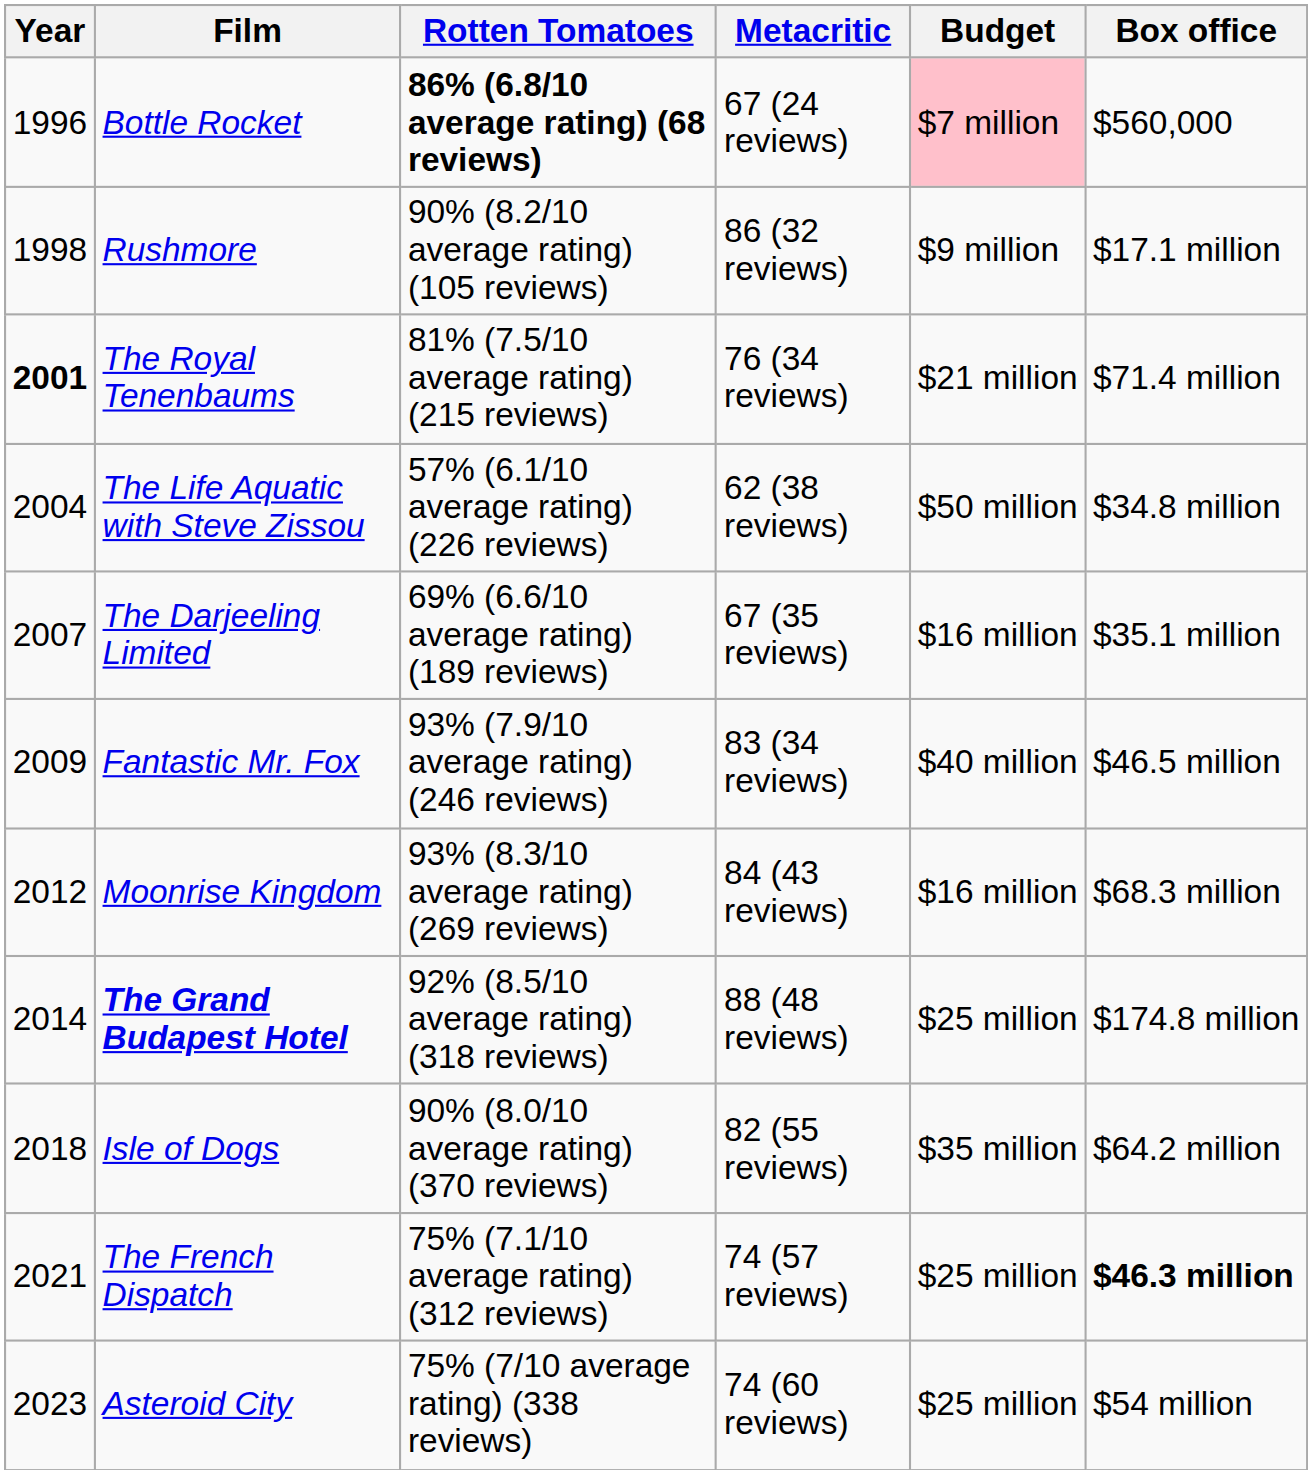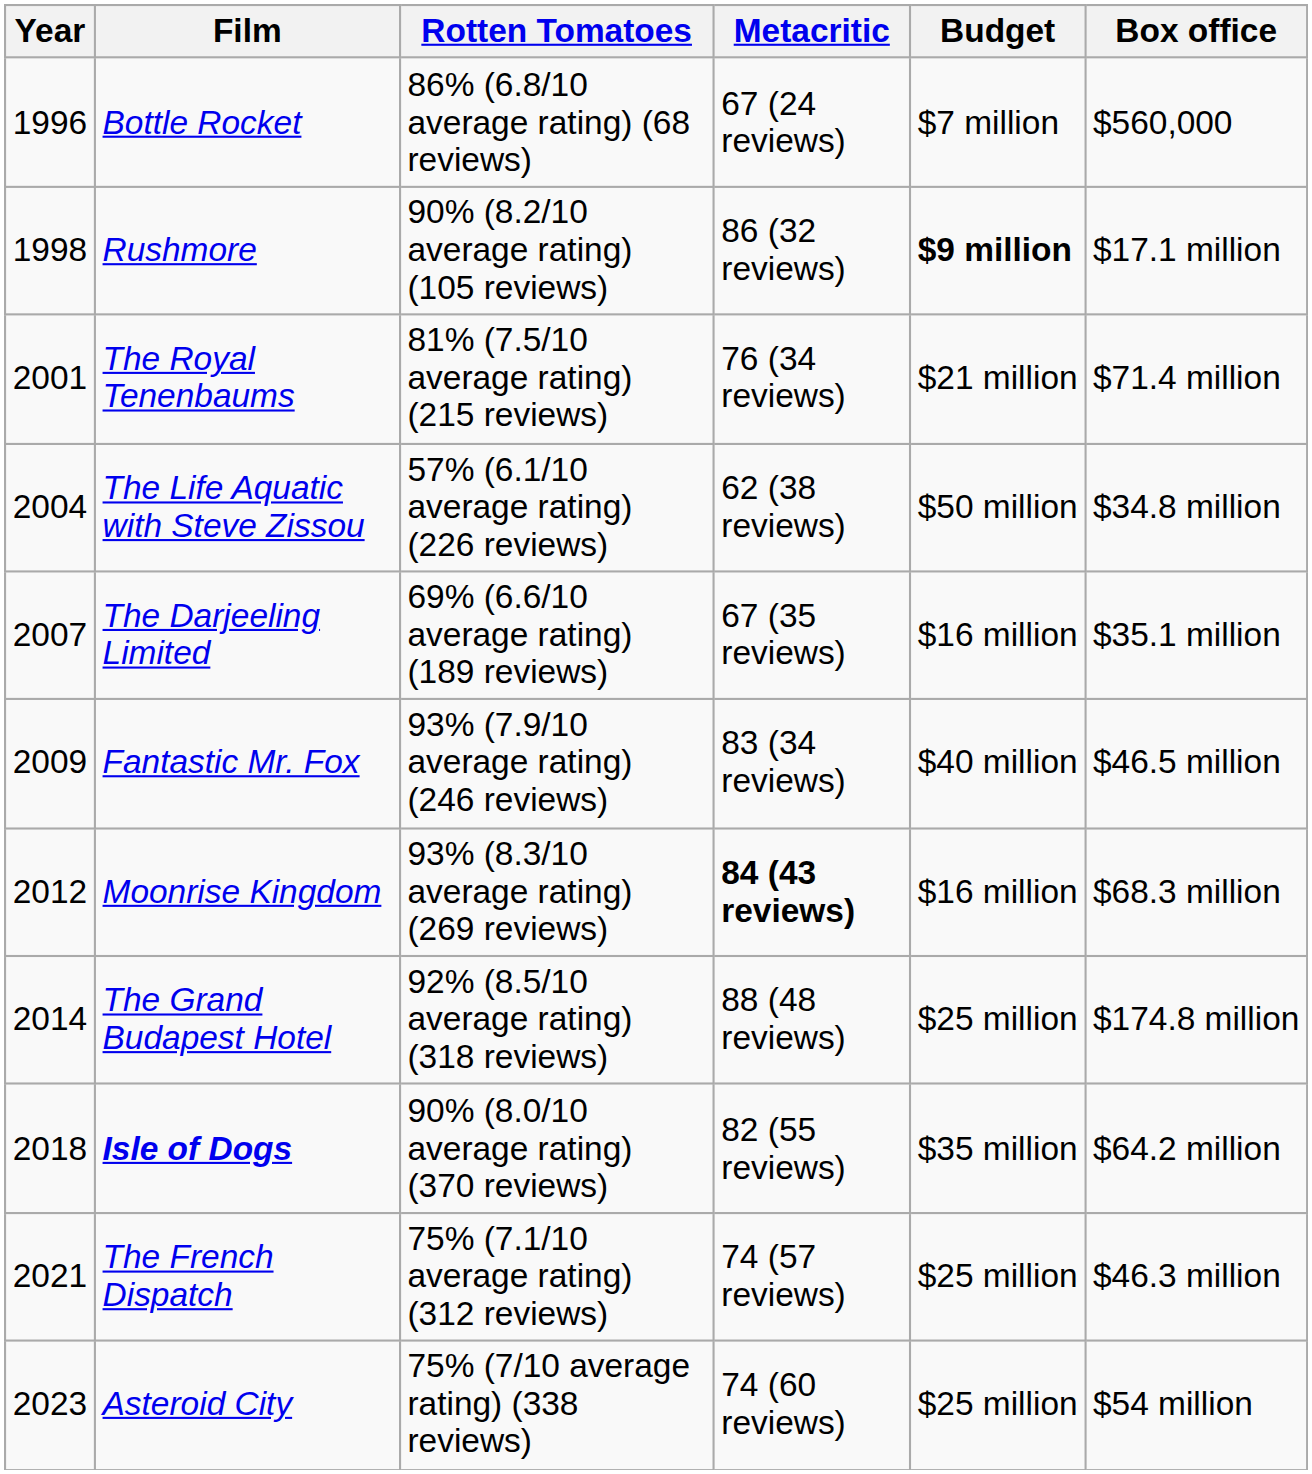 <table class="sortable wikitable" style="width:100%;">
 <tr>
 <th>Year</th>
 <th>Film</th>
 <th><a href='#'>Rotten Tomatoes</a></th>
 <th><a href='#'>Metacritic</a></th>
 <th>Budget</th>
 <th>Box office</th>
 </tr>
 <tr>
 <td>1996</td>
 <td><em><a href='#'>Bottle Rocket</a></em></td>
-<td><strong>86% (6.8/10 average rating) (68 reviews)</strong></td>
+<td>86% (6.8/10 average rating) (68 reviews)</td>
 <td>67 (24 reviews)</td>
-<td data-sort-value="7000000" style="background: pink;">$7 million</td>
+<td data-sort-value="7000000">$7 million</td>
 <td data-sort-value="560069">$560,000</td>
 </tr>
 <tr>
 <td>1998</td>
 <td><em><a href='#'>Rushmore</a></em></td>
 <td>90% (8.2/10 average rating) (105 reviews)</td>
 <td>86 (32 reviews)</td>
-<td data-sort-value="9000000">$9 million</td>
+<td data-sort-value="9000000"><strong>$9 million</strong></td>
 <td data-sort-value="17105219">$17.1 million</td>
 </tr>
 <tr>
-<td><strong>2001</strong></td>
+<td>2001</td>
 <td><em><a href='#'>The Royal Tenenbaums</a></em></td>
 <td>81% (7.5/10 average rating) (215 reviews)</td>
 <td>76 (34 reviews)</td>
 <td data-sort-value="21000000">$21 million</td>
 <td data-sort-value="52364010">$71.4 million</td>
 </tr>
 <tr>
 <td>2004</td>
 <td><em><a href='#'>The Life Aquatic with Steve Zissou</a></em></td>
 <td>57% (6.1/10 average rating) (226 reviews)</td>
 <td>62 (38 reviews)</td>
 <td data-sort-value="50000000">$50 million</td>
 <td data-sort-value="24020403">$34.8 million</td>
 </tr>
 <tr>
 <td>2007</td>
 <td><em><a href='#'>The Darjeeling Limited</a></em></td>
 <td>69% (6.6/10 average rating) (189 reviews)</td>
 <td>67 (35 reviews)</td>
 <td data-sort-value="16000000">$16 million</td>
 <td data-sort-value="35078918">$35.1 million</td>
 </tr>
 <tr>
 <td>2009</td>
 <td><em><a href='#'>Fantastic Mr. Fox</a></em></td>
 <td>93% (7.9/10 average rating) (246 reviews)</td>
 <td>83 (34 reviews)</td>
 <td data-sort-value="40000000">$40 million</td>
 <td data-sort-value="46471023">$46.5 million</td>
 </tr>
 <tr>
 <td>2012</td>
 <td><em><a href='#'>Moonrise Kingdom</a></em></td>
 <td>93% (8.3/10 average rating) (269 reviews)</td>
-<td>84 (43 reviews)</td>
+<td><strong>84 (43 reviews)</strong></td>
 <td data-sort-value="16000000">$16 million</td>
 <td data-sort-value="68263166">$68.3 million</td>
 </tr>
 <tr>
 <td>2014</td>
-<td><strong><em><a href='#'>The Grand Budapest Hotel</a></em></strong></td>
+<td><em><a href='#'>The Grand Budapest Hotel</a></em></td>
 <td>92% (8.5/10 average rating) (318 reviews)</td>
 <td>88 (48 reviews)</td>
 <td data-sort-value="25000000">$25 million</td>
 <td data-sort-value="174801324">$174.8 million</td>
 </tr>
 <tr>
 <td>2018</td>
-<td><em><a href='#'>Isle of Dogs</a></em></td>
+<td><strong><em><a href='#'>Isle of Dogs</a></em></strong></td>
 <td>90% (8.0/10 average rating) (370 reviews)</td>
 <td>82 (55 reviews)</td>
 <td>$35 million</td>
 <td data-sort-value="64241499">$64.2 million</td>
 </tr>
 <tr>
 <td>2021</td>
 <td><em><a href='#'>The French Dispatch</a></em></td>
 <td>75% (7.1/10 average rating) (312 reviews)</td>
 <td>74 (57 reviews)</td>
 <td>$25 million</td>
-<td><strong>$46.3 million</strong></td>
+<td>$46.3 million</td>
 </tr>
 <tr>
 <td>2023</td>
 <td><em><a href='#'>Asteroid City</a></em></td>
 <td>75% (7/10 average rating) (338 reviews)</td>
 <td>74 (60 reviews)</td>
 <td>$25 million</td>
 <td>$54 million</td>
 </tr>
 </table>
